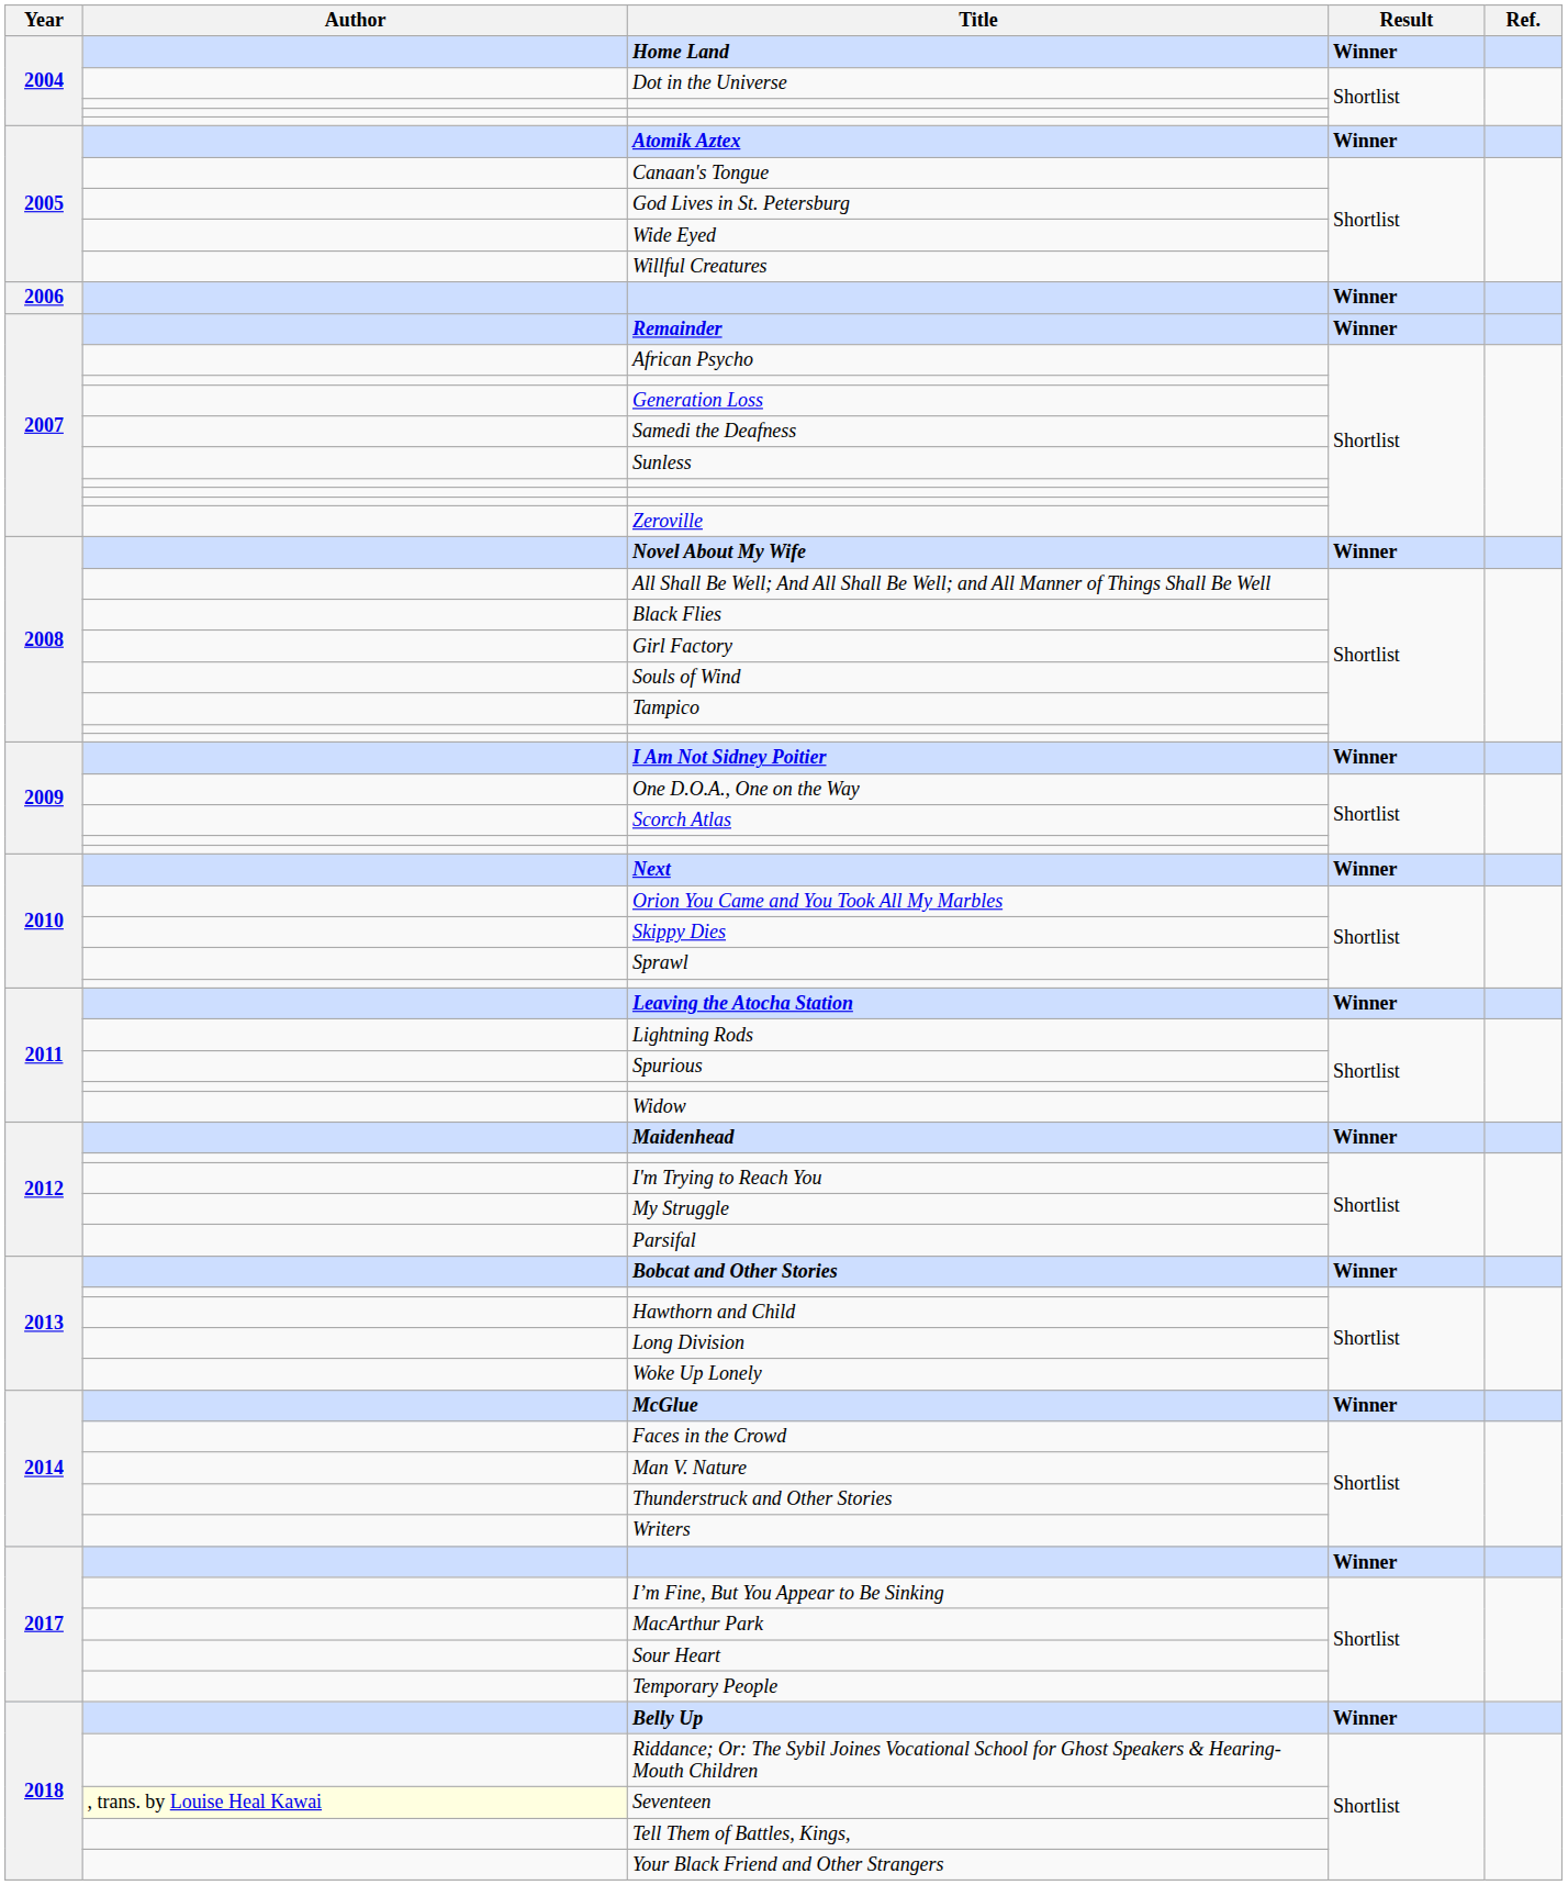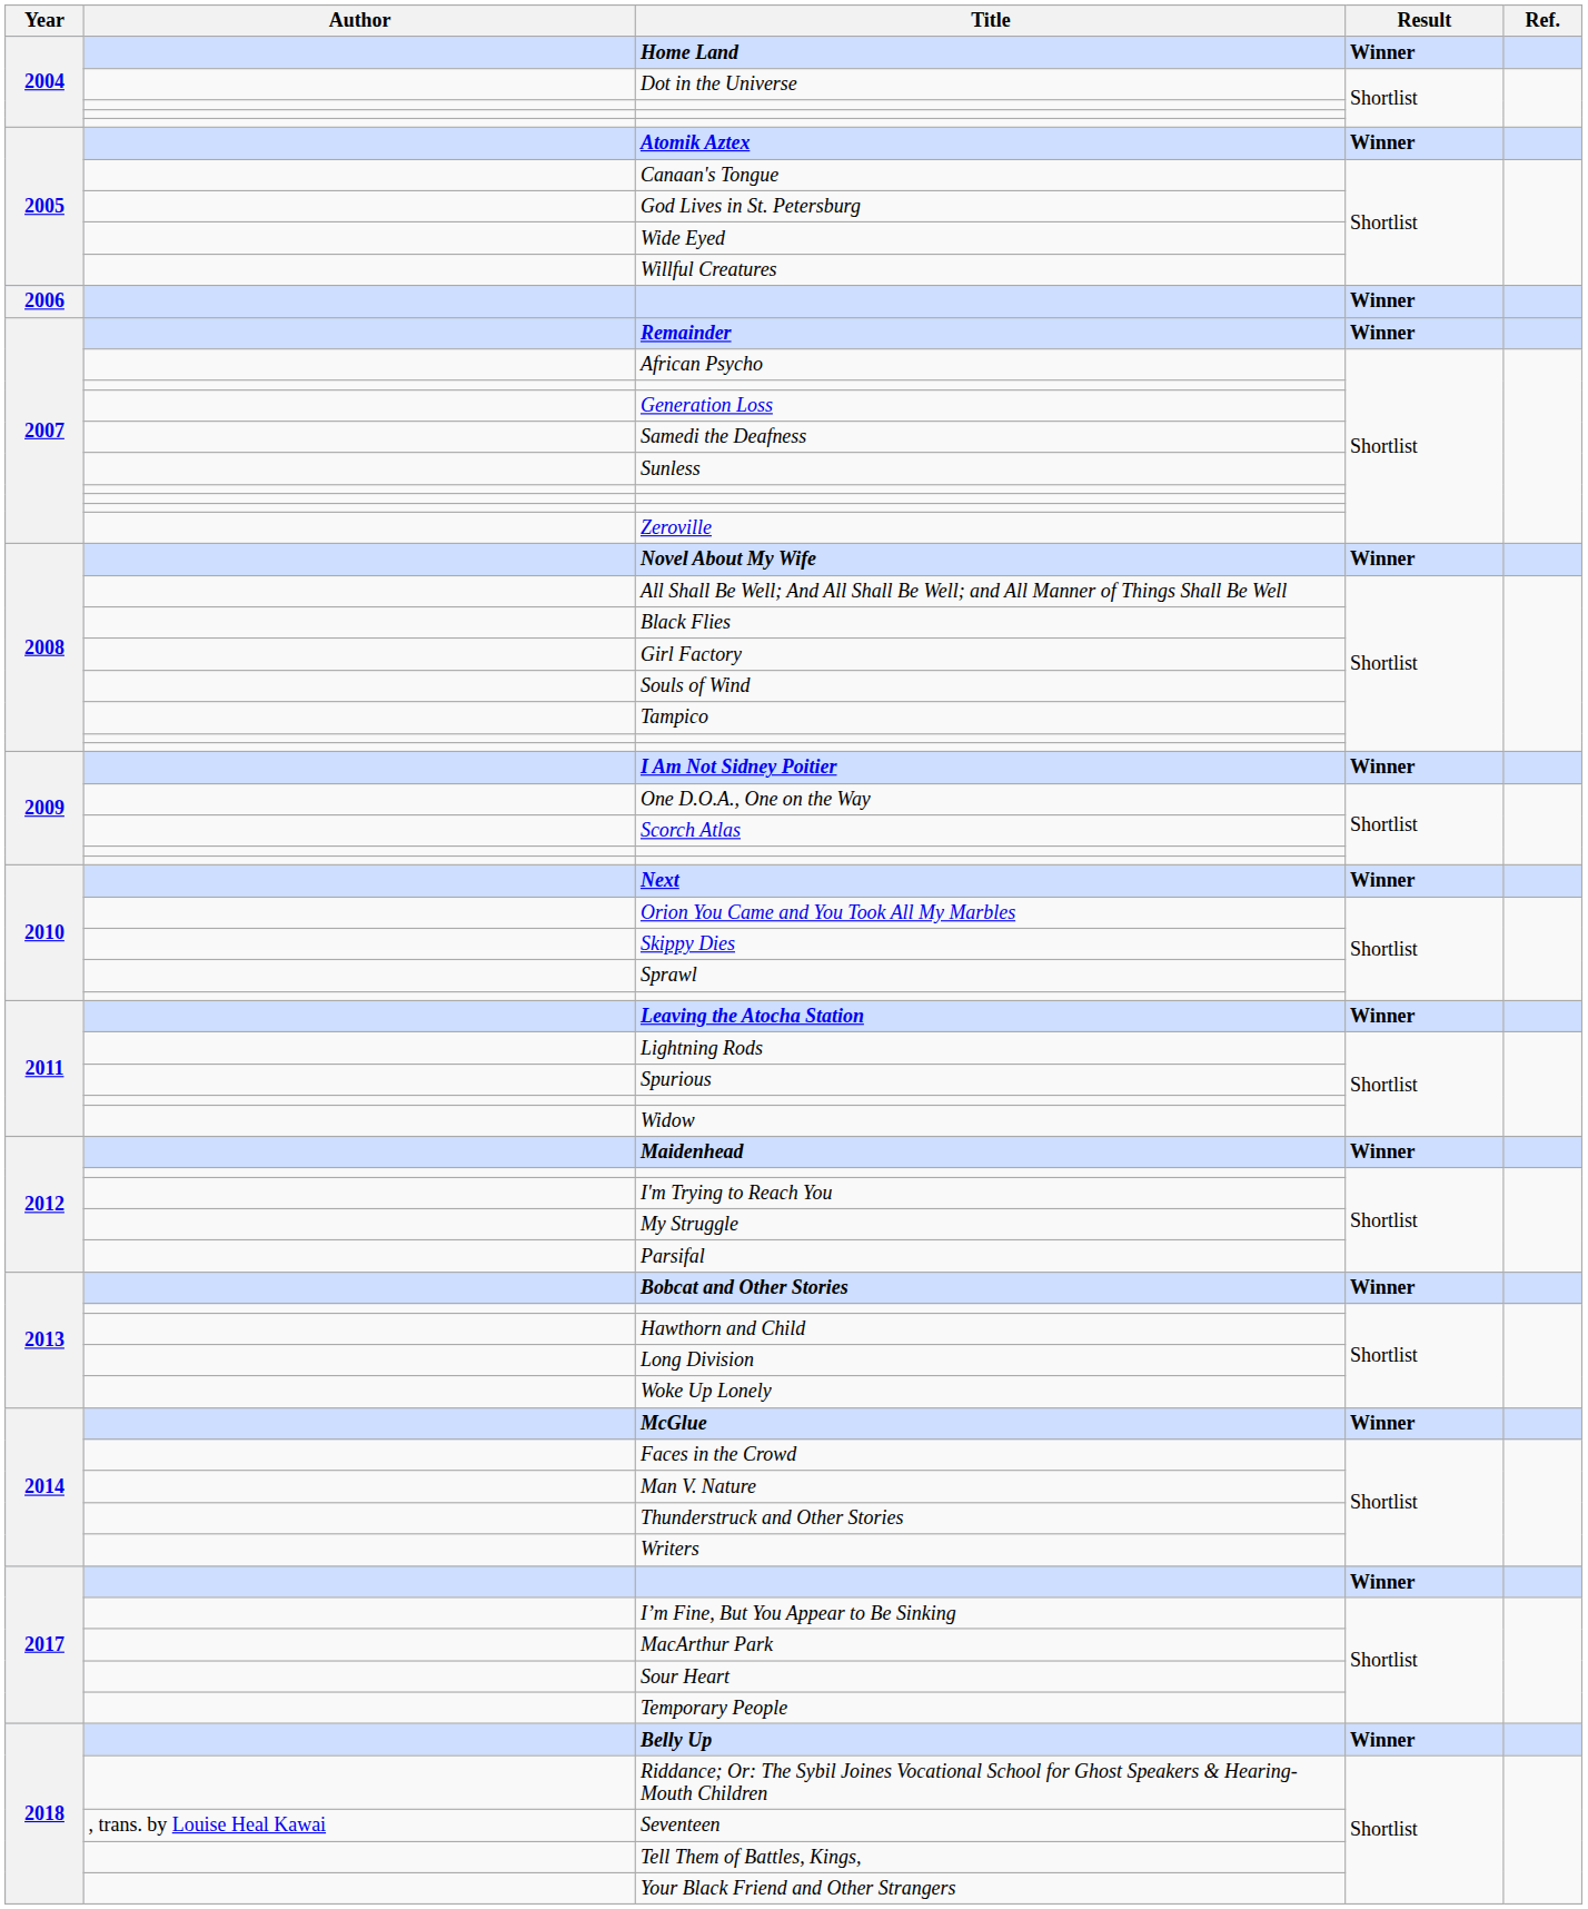 <table class="wikitable sortable mw-collapsible" width="80%">
 <tr>
 <th scope="col" width="5%">Year</th>
 <th scope="col" width="35%">Author</th>
 <th scope="col" width="45%">Title</th>
 <th scope="col" width="10%">Result</th>
 <th scope="col" width="5%" class="unsortable">Ref.</th>
 </tr>
 <tr style="background:#cddeff">
 <th scope=row rowspan="5"><a href='#'>2004</a></th>
 <td><strong></strong></td>
 <td><strong><em>Home Land</em></strong></td>
 <td><strong>Winner</strong></td>
 <td></td>
 </tr>
 <tr>
 <td></td>
 <td><em>Dot in the Universe</em></td>
 <td scope=row rowspan="4">Shortlist</td>
 <td scope=row rowspan="4"></td>
 </tr>
 <tr>
 <td></td>
 <td><em></em></td>
 </tr>
 <tr>
 <td></td>
 <td><em></em></td>
 </tr>
 <tr>
 <td></td>
 <td><em></em></td>
 </tr>
 <tr style="background:#cddeff">
 <th scope=row rowspan="5"><a href='#'>2005</a></th>
 <td><strong></strong></td>
 <td><strong><em><a href='#'>Atomik Aztex</a></em></strong></td>
 <td><strong>Winner</strong></td>
 <td></td>
 </tr>
 <tr>
 <td></td>
 <td><em>Canaan's Tongue</em></td>
 <td scope=row rowspan="4">Shortlist</td>
 <td scope=row rowspan="4"></td>
 </tr>
 <tr>
 <td></td>
 <td><em>God Lives in St. Petersburg</em></td>
 </tr>
 <tr>
 <td></td>
 <td><em>Wide Eyed</em></td>
 </tr>
 <tr>
 <td></td>
 <td><em>Willful Creatures</em></td>
 </tr>
 <tr style="background:#cddeff">
 <th><a href='#'>2006</a></th>
 <td><strong></strong></td>
 <td><strong><em></em></strong></td>
 <td><strong>Winner</strong></td>
 <td></td>
 </tr>
 <tr style="background:#cddeff">
 <th scope=row rowspan="10"><a href='#'>2007</a></th>
 <td><strong></strong></td>
 <td><em><a href='#'><strong>Remainder</strong></a></em></td>
 <td><strong>Winner</strong></td>
 <td></td>
 </tr>
 <tr>
 <td></td>
 <td><em>African Psycho</em></td>
 <td scope=row rowspan="9">Shortlist</td>
 <td scope=row rowspan="9"></td>
 </tr>
 <tr>
 <td></td>
 <td><em></em></td>
 </tr>
 <tr>
 <td></td>
 <td><em><a href='#'>Generation Loss</a></em></td>
 </tr>
 <tr>
 <td></td>
 <td><em>Samedi the Deafness</em></td>
 </tr>
 <tr>
 <td></td>
 <td><em>Sunless</em></td>
 </tr>
 <tr>
 <td></td>
 <td><em></em></td>
 </tr>
 <tr>
 <td></td>
 <td><em></em></td>
 </tr>
 <tr>
 <td></td>
 <td><em></em></td>
 </tr>
 <tr>
 <td></td>
 <td><em><a href='#'>Zeroville</a></em></td>
 </tr>
 <tr style="background:#cddeff">
 <th scope=row rowspan="8"><a href='#'>2008</a></th>
 <td><strong></strong></td>
 <td><strong><em>Novel About My Wife</em></strong></td>
 <td><strong>Winner</strong></td>
 <td></td>
 </tr>
 <tr>
 <td></td>
 <td><em>All Shall Be Well; And All Shall Be Well; and All Manner of Things Shall Be Well</em></td>
 <td scope=row rowspan="7">Shortlist</td>
 <td scope=row rowspan="7"></td>
 </tr>
 <tr>
 <td></td>
 <td><em>Black Flies</em></td>
 </tr>
 <tr>
 <td></td>
 <td><em>Girl Factory</em></td>
 </tr>
 <tr>
 <td></td>
 <td><em>Souls of Wind</em></td>
 </tr>
 <tr>
 <td></td>
 <td><em>Tampico</em></td>
 </tr>
 <tr>
 <td></td>
 <td><em></em></td>
 </tr>
 <tr>
 <td></td>
 <td><em></em></td>
 </tr>
 <tr style="background:#cddeff">
 <th scope=row rowspan="5"><a href='#'>2009</a></th>
 <td><strong></strong></td>
 <td><strong><em><a href='#'>I Am Not Sidney Poitier</a></em></strong></td>
 <td><strong>Winner</strong></td>
 <td></td>
 </tr>
 <tr>
 <td></td>
 <td><em>One D.O.A., One on the Way</em></td>
 <td scope=row rowspan="4">Shortlist</td>
 <td scope=row rowspan="4"></td>
 </tr>
 <tr>
 <td></td>
 <td><em><a href='#'>Scorch Atlas</a></em></td>
 </tr>
 <tr>
 <td></td>
 <td><em></em></td>
 </tr>
 <tr>
 <td></td>
 <td><em></em></td>
 </tr>
 <tr style="background:#cddeff">
 <th scope=row rowspan="5"><a href='#'>2010</a></th>
 <td><strong></strong></td>
 <td><strong><em><a href='#'>Next</a></em></strong></td>
 <td><strong>Winner</strong></td>
 <td></td>
 </tr>
 <tr>
 <td></td>
 <td><em><a href='#'>Orion You Came and You Took All My Marbles</a></em></td>
 <td scope=row rowspan="4">Shortlist</td>
 <td scope=row rowspan="4"></td>
 </tr>
 <tr>
 <td></td>
 <td><em><a href='#'>Skippy Dies</a></em></td>
 </tr>
 <tr>
 <td></td>
 <td><em>Sprawl</em></td>
 </tr>
 <tr>
 <td></td>
 <td><em></em></td>
 </tr>
 <tr style="background:#cddeff">
 <th scope=row rowspan="5"><a href='#'>2011</a></th>
 <td><strong></strong></td>
 <td><strong><em><a href='#'>Leaving the Atocha Station</a></em></strong></td>
 <td><strong>Winner</strong></td>
 <td></td>
 </tr>
 <tr>
 <td></td>
 <td><em>Lightning Rods</em></td>
 <td scope=row rowspan="4">Shortlist</td>
 <td scope=row rowspan="4"></td>
 </tr>
 <tr>
 <td></td>
 <td><em>Spurious</em></td>
 </tr>
 <tr>
 <td></td>
 <td><em></em></td>
 </tr>
 <tr>
 <td></td>
 <td><em>Widow</em></td>
 </tr>
 <tr style="background:#cddeff">
 <th scope=row rowspan="5"><a href='#'>2012</a></th>
 <td><strong></strong></td>
 <td><strong><em>Maidenhead</em></strong></td>
 <td><strong>Winner</strong></td>
 <td></td>
 </tr>
 <tr>
 <td></td>
 <td><em></em></td>
 <td scope=row rowspan="4">Shortlist</td>
 <td scope=row rowspan="4"></td>
 </tr>
 <tr>
 <td></td>
 <td><em>I'm Trying to Reach You</em></td>
 </tr>
 <tr>
 <td></td>
 <td><em>My Struggle</em></td>
 </tr>
 <tr>
 <td></td>
 <td><em>Parsifal</em></td>
 </tr>
 <tr style="background:#cddeff">
 <th scope=row rowspan="5"><a href='#'>2013</a></th>
 <td><strong></strong></td>
 <td><strong><em>Bobcat and Other Stories</em></strong></td>
 <td><strong>Winner</strong></td>
 <td></td>
 </tr>
 <tr>
 <td></td>
 <td><em></em></td>
 <td scope=row rowspan="4">Shortlist</td>
 <td scope=row rowspan="4"></td>
 </tr>
 <tr>
 <td></td>
 <td><em>Hawthorn and Child</em></td>
 </tr>
 <tr>
 <td></td>
 <td><em>Long Division</em></td>
 </tr>
 <tr>
 <td></td>
 <td><em>Woke Up Lonely</em></td>
 </tr>
 <tr style="background:#cddeff">
 <th scope=row rowspan="5"><a href='#'>2014</a></th>
 <td><strong></strong></td>
 <td><strong><em>McGlue</em></strong></td>
 <td><strong>Winner</strong></td>
 <td></td>
 </tr>
 <tr>
 <td></td>
 <td><em>Faces in the Crowd</em></td>
 <td scope=row rowspan="4">Shortlist</td>
 <td scope=row rowspan="4"></td>
 </tr>
 <tr>
 <td></td>
 <td><em>Man V. Nature</em></td>
 </tr>
 <tr>
 <td></td>
 <td><em>Thunderstruck and Other Stories</em></td>
 </tr>
 <tr>
 <td></td>
 <td><em>Writers</em></td>
 </tr>
 <tr style="background:#cddeff">
 <th scope=row rowspan="5"><a href='#'>2017</a></th>
 <td><strong></strong></td>
 <td><strong><em></em></strong></td>
 <td><strong>Winner</strong></td>
 <td></td>
 </tr>
 <tr>
 <td></td>
 <td><em>I’m Fine, But You Appear to Be Sinking</em></td>
 <td scope=row rowspan="4">Shortlist</td>
 <td scope=row rowspan="4"></td>
 </tr>
 <tr>
 <td></td>
 <td><em>MacArthur Park</em></td>
 </tr>
 <tr>
 <td></td>
 <td><em>Sour Heart</em></td>
 </tr>
 <tr>
 <td></td>
 <td><em>Temporary People</em></td>
 </tr>
 <tr style="background:#cddeff">
 <th scope=row rowspan="5"><a href='#'>2018</a></th>
 <td><strong></strong></td>
 <td><strong><em>Belly Up</em></strong></td>
 <td><strong>Winner</strong></td>
 <td></td>
 </tr>
 <tr>
 <td></td>
 <td><em>Riddance; Or: The Sybil Joines Vocational School for Ghost Speakers & Hearing-Mouth Children</em></td>
 <td scope=row rowspan="4">Shortlist</td>
 <td scope=row rowspan="4"></td>
 </tr>
 <tr>
-<td style="background: lightyellow;">, trans. by <a href='#'>Louise Heal Kawai</a></td>
+<td>, trans. by <a href='#'>Louise Heal Kawai</a></td>
 <td><em>Seventeen</em></td>
 </tr>
 <tr>
 <td></td>
 <td><em>Tell Them of Battles, Kings,</em></td>
 </tr>
 <tr>
 <td></td>
 <td><em>Your Black Friend and Other Strangers</em></td>
 </tr>
 </table>
